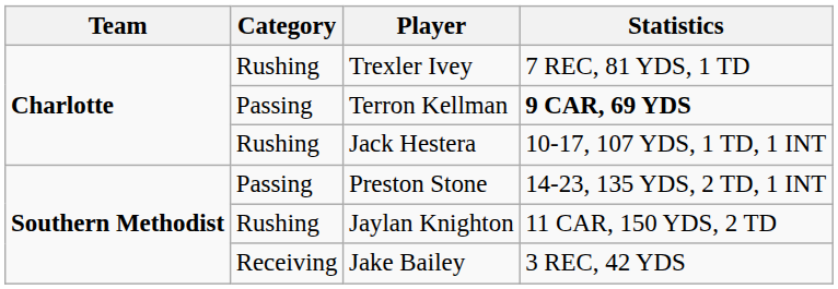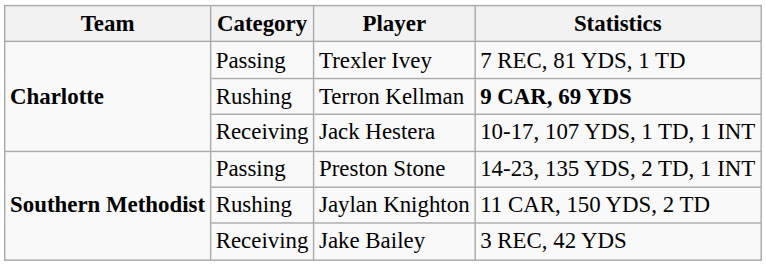 <table class="wikitable" style="float: left;">
 <tr>
 <th>Team</th>
 <th>Category</th>
 <th>Player</th>
 <th>Statistics</th>
 </tr>
 <tr>
 <td rowspan=3><strong>Charlotte</strong></td>
-<td>Rushing</td>
+<td>Passing</td>
 <td>Trexler Ivey</td>
 <td>7 REC, 81 YDS, 1 TD</td>
 </tr>
 <tr>
-<td>Passing</td>
+<td>Rushing</td>
 <td>Terron Kellman</td>
 <td><strong>9 CAR, 69 YDS</strong></td>
 </tr>
 <tr>
-<td>Rushing</td>
+<td>Receiving</td>
 <td>Jack Hestera</td>
 <td>10-17, 107 YDS, 1 TD, 1 INT</td>
 </tr>
 <tr>
 <td rowspan=3><strong>Southern Methodist</strong></td>
 <td>Passing</td>
 <td>Preston Stone</td>
 <td>14-23, 135 YDS, 2 TD, 1 INT</td>
 </tr>
 <tr>
 <td>Rushing</td>
 <td>Jaylan Knighton</td>
 <td>11 CAR, 150 YDS, 2 TD</td>
 </tr>
 <tr>
 <td>Receiving</td>
 <td>Jake Bailey</td>
 <td>3 REC, 42 YDS</td>
 </tr>
 </table>
